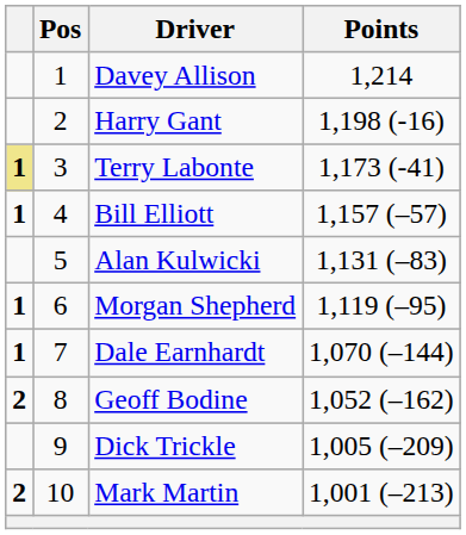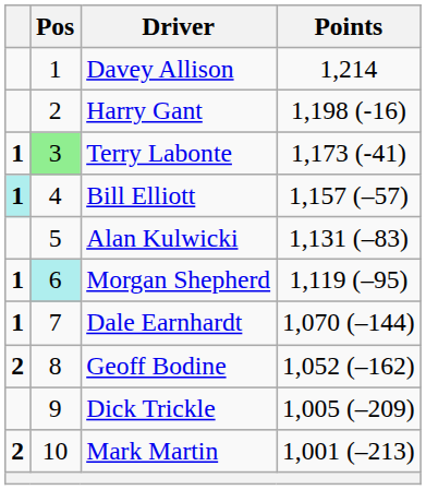 <table class="wikitable" style="font-size: 95%;">
 <tr>
 <th></th>
 <th>Pos</th>
 <th>Driver</th>
 <th>Points</th>
 </tr>
 <tr>
 <td align="left"></td>
 <td style="text-align:center;">1</td>
 <td><a href='#'>Davey Allison</a></td>
 <td style="text-align:center;">1,214</td>
 </tr>
 <tr>
 <td align="left"></td>
 <td style="text-align:center;">2</td>
 <td><a href='#'>Harry Gant</a></td>
 <td style="text-align:center;">1,198 (-16)</td>
 </tr>
 <tr>
-<td align="left" style="background: khaki;"> <strong>1</strong></td>
-<td style="text-align:center;">3</td>
+<td align="left"> <strong>1</strong></td>
+<td style="background: lightgreen; text-align:center;">3</td>
 <td><a href='#'>Terry Labonte</a></td>
 <td style="text-align:center;">1,173 (-41)</td>
 </tr>
 <tr>
-<td align="left"> <strong>1</strong></td>
+<td align="left" style="background: paleturquoise;"> <strong>1</strong></td>
 <td style="text-align:center;">4</td>
 <td><a href='#'>Bill Elliott</a></td>
 <td style="text-align:center;">1,157 (–57)</td>
 </tr>
 <tr>
 <td align="left"></td>
 <td style="text-align:center;">5</td>
 <td><a href='#'>Alan Kulwicki</a></td>
 <td style="text-align:center;">1,131 (–83)</td>
 </tr>
 <tr>
 <td align="left"> <strong>1</strong></td>
-<td style="text-align:center;">6</td>
+<td style="background: paleturquoise; text-align:center;">6</td>
 <td><a href='#'>Morgan Shepherd</a></td>
 <td style="text-align:center;">1,119 (–95)</td>
 </tr>
 <tr>
 <td align="left"> <strong>1</strong></td>
 <td style="text-align:center;">7</td>
 <td><a href='#'>Dale Earnhardt</a></td>
 <td style="text-align:center;">1,070 (–144)</td>
 </tr>
 <tr>
 <td align="left"> <strong>2</strong></td>
 <td style="text-align:center;">8</td>
 <td><a href='#'>Geoff Bodine</a></td>
 <td style="text-align:center;">1,052 (–162)</td>
 </tr>
 <tr>
 <td align="left"></td>
 <td style="text-align:center;">9</td>
 <td><a href='#'>Dick Trickle</a></td>
 <td style="text-align:center;">1,005 (–209)</td>
 </tr>
 <tr>
 <td align="left"> <strong>2</strong></td>
 <td style="text-align:center;">10</td>
 <td><a href='#'>Mark Martin</a></td>
 <td style="text-align:center;">1,001 (–213)</td>
 </tr>
 <tr class="sortbottom">
 <th colspan="9"></th>
 </tr>
 </table>
